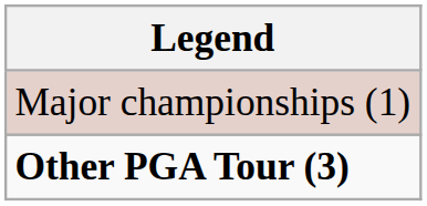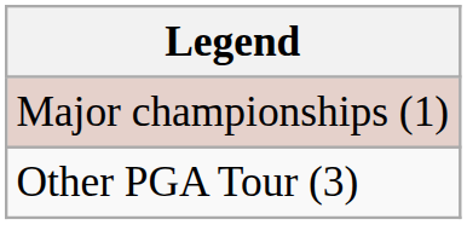 <table class="wikitable" style="font-size:95%;">
 <tr>
 <th>Legend</th>
 </tr>
 <tr style="background:#e5d1cb;">
 <td>Major championships (1)</td>
 </tr>
 <tr>
-<td><strong>Other PGA Tour (3)</strong></td>
+<td>Other PGA Tour (3)</td>
 </tr>
 </table>
